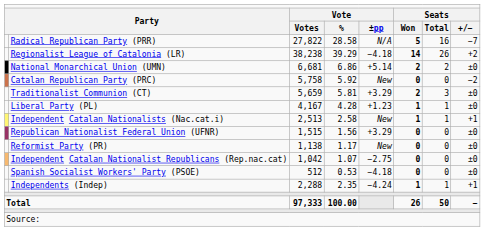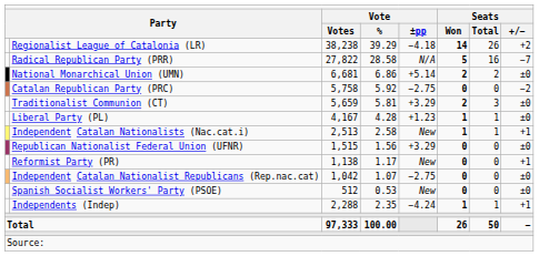 <table class='wikitable' style="text-align:right; font-size:100%">
 <tr>
 <td colspan='8'></td>
 </tr>
 <tr bgcolor='#E9E9E9' align='center'>
 <th align='left' rowspan='2' colspan='2' width='450'>Party</th>
 <th colspan='3'>Vote</th>
 <th colspan='3'>Seats</th>
 </tr>
 <tr bgcolor='#E9E9E9' align='center'>
 <th width='50'>Votes</th>
 <th width='50'>%</th>
 <th width='50'>±<a href='#'>pp</a></th>
 <th width='40'>Won</th>
 <th width='40'>Total</th>
 <th width='40'>+/−</th>
 </tr>
 <tr>
 <td></td>
+<td align='left'><a href='#'>Regionalist League of Catalonia</a> (LR)</td>
+<td>38,238</td>
+<td>39.29</td>
+<td>−4.18</td>
+<td><strong>14</strong></td>
+<td>26</td>
+<td>+2</td>
+</tr>
+<tr>
+<td></td>
 <td align='left'><a href='#'>Radical Republican Party</a> (PRR)</td>
 <td>27,822</td>
 <td>28.58</td>
 <td><em>N/A</em></td>
 <td><strong>5</strong></td>
 <td>16</td>
 <td>−7</td>
-</tr>
-<tr>
-<td></td>
-<td align='left'><a href='#'>Regionalist League of Catalonia</a> (LR)</td>
-<td>38,238</td>
-<td>39.29</td>
-<td>−4.18</td>
-<td><strong>14</strong></td>
-<td>26</td>
-<td>+2</td>
 </tr>
 <tr>
 <td bgcolor='#000000'></td>
 <td align='left'><a href='#'>National Monarchical Union</a> (UMN)</td>
 <td>6,681</td>
 <td>6.86</td>
 <td>+5.14</td>
 <td><strong>2</strong></td>
 <td>2</td>
 <td>±0</td>
 </tr>
 <tr>
 <td bgcolor='#CC734C'></td>
 <td align='left'><a href='#'>Catalan Republican Party</a> (PRC)</td>
 <td>5,758</td>
 <td>5.92</td>
-<td><em>New</em></td>
+<td>−2.75</td>
 <td><strong>0</strong></td>
 <td>0</td>
 <td>−2</td>
 </tr>
 <tr>
 <td></td>
 <td align='left'><a href='#'>Traditionalist Communion</a> (CT)</td>
 <td>5,659</td>
 <td>5.81</td>
 <td>+3.29</td>
 <td><strong>2</strong></td>
 <td>3</td>
 <td>±0</td>
 </tr>
 <tr>
 <td></td>
 <td align='left'><a href='#'>Liberal Party</a> (PL)</td>
 <td>4,167</td>
 <td>4.28</td>
 <td>+1.23</td>
 <td><strong>1</strong></td>
 <td>1</td>
 <td>±0</td>
 </tr>
 <tr>
 <td bgcolor='#FFF673'></td>
 <td align='left'><a href='#'>Independent</a> <a href='#'>Catalan Nationalists</a> (Nac.cat.i)</td>
 <td>2,513</td>
 <td>2.58</td>
 <td><em>New</em></td>
 <td><strong>1</strong></td>
 <td>1</td>
 <td>+1</td>
 </tr>
 <tr>
 <td bgcolor='#993366'></td>
 <td align='left'><a href='#'>Republican Nationalist Federal Union</a> (UFNR)</td>
 <td>1,515</td>
 <td>1.56</td>
 <td>+3.29</td>
 <td><strong>0</strong></td>
 <td>0</td>
 <td>±0</td>
 </tr>
 <tr>
 <td></td>
 <td align='left'><a href='#'>Reformist Party</a> (PR)</td>
 <td>1,138</td>
 <td>1.17</td>
 <td><em>New</em></td>
 <td><strong>0</strong></td>
 <td>0</td>
-<td>±0</td>
+<td>+1</td>
 </tr>
 <tr>
 <td bgcolor='#F7B96F'></td>
 <td align='left'><a href='#'>Independent</a> <a href='#'>Catalan Nationalist Republicans</a> (Rep.nac.cat)</td>
 <td>1,042</td>
 <td>1.07</td>
 <td>−2.75</td>
 <td><strong>0</strong></td>
 <td>0</td>
 <td>±0</td>
 </tr>
 <tr>
 <td></td>
 <td align='left'><a href='#'>Spanish Socialist Workers' Party</a> (PSOE)</td>
 <td>512</td>
 <td>0.53</td>
-<td>−4.18</td>
+<td><em>New</em></td>
 <td><strong>0</strong></td>
 <td>0</td>
 <td>±0</td>
 </tr>
 <tr>
 <td width='1'></td>
 <td align='left'><a href='#'>Independents</a> (Indep)</td>
 <td>2,288</td>
 <td>2.35</td>
 <td>−4.24</td>
 <td><strong>1</strong></td>
 <td>1</td>
 <td>+1</td>
 </tr>
 <tr>
 <td colspan='8' bgcolor='#E9E9E9'></td>
 </tr>
 <tr style='font-weight:bold;'>
 <td align='left' colspan='2'>Total</td>
 <td>97,333</td>
 <td>100.00</td>
 <td bgcolor='#E9E9E9'></td>
 <td>26</td>
 <td>50</td>
 <td>−</td>
 </tr>
 <tr>
 <td colspan='8' bgcolor='#E9E9E9'></td>
 </tr>
 <tr>
 <td align='left' colspan='8'>Source:</td>
 </tr>
 </table>
